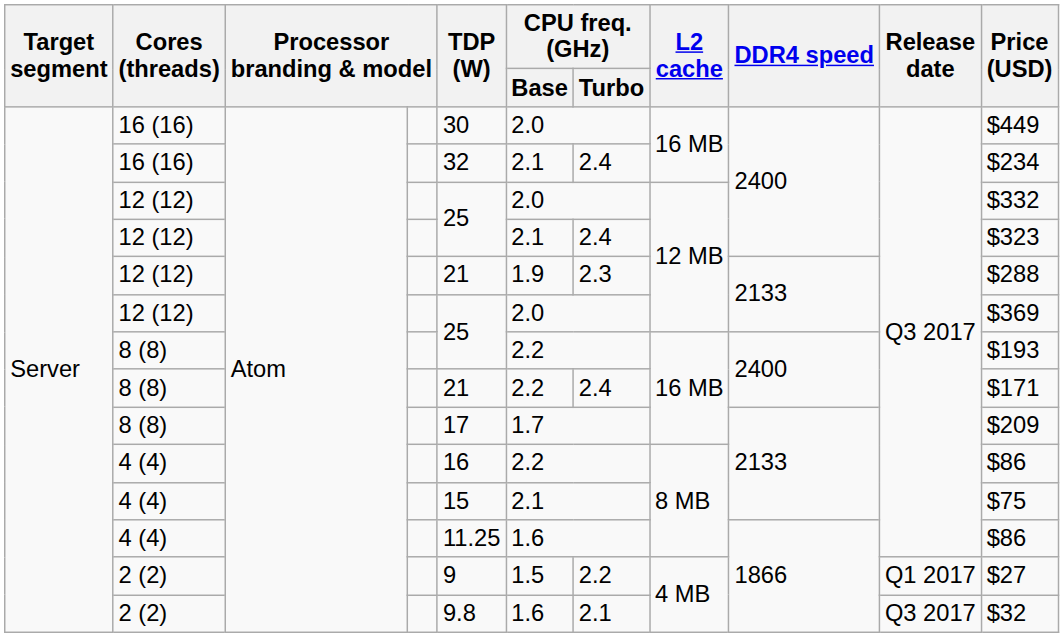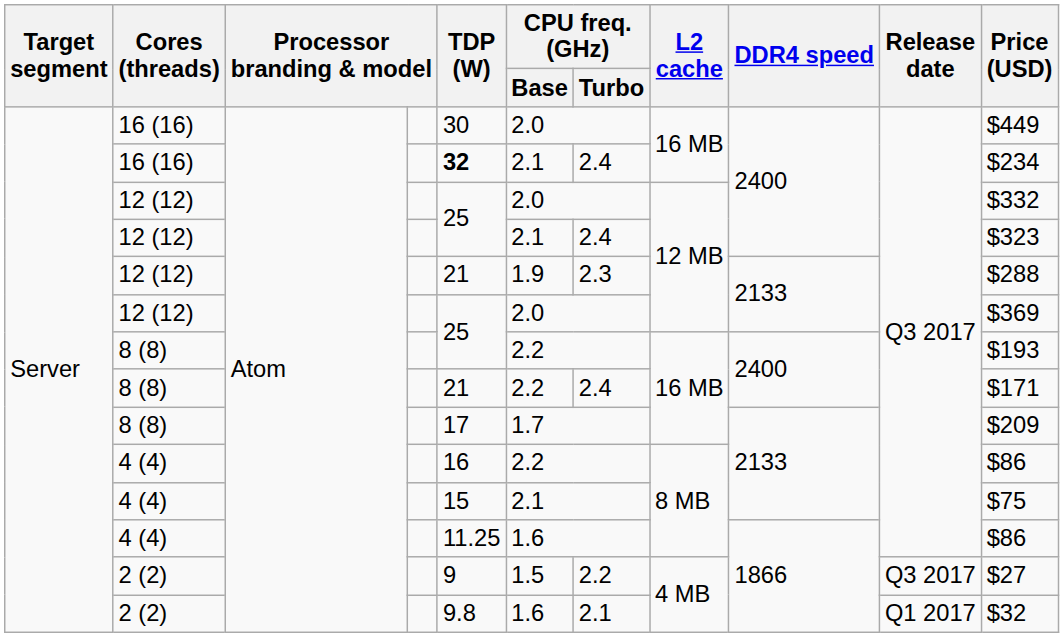 <table class="wikitable sortable">
 <tr>
 <th rowspan=2>Target<br>segment</th>
 <th rowspan=2>Cores<br>(threads)</th>
 <th colspan=2 rowspan="2">Processor<br>branding & model</th>
 <th rowspan=2>TDP<br>(W)</th>
 <th colspan=2>CPU freq.<br>(GHz)</th>
 <th rowspan=2><a href='#'>L2<br>cache</a></th>
 <th rowspan=2><a href='#'>DDR4 speed</a></th>
 <th rowspan=2>Release<br>date</th>
 <th rowspan=2>Price<br>(USD)</th>
 </tr>
 <tr>
 <th>Base</th>
 <th>Turbo</th>
 </tr>
 <tr>
 <td rowspan="15">Server</td>
 <td>16 (16)</td>
 <td rowspan="15">Atom</td>
 <td></td>
 <td>30</td>
 <td colspan="2">2.0</td>
 <td rowspan="2">16 MB</td>
 <td rowspan="4">2400</td>
 <td rowspan="12">Q3 2017</td>
 <td>$449</td>
 </tr>
 <tr>
 <td>16 (16)</td>
 <td></td>
-<td>32</td>
+<td><strong>32</strong></td>
 <td>2.1</td>
 <td>2.4</td>
 <td>$234</td>
 </tr>
 <tr>
 <td>12 (12)</td>
 <td></td>
 <td rowspan="2">25</td>
 <td colspan="2">2.0</td>
 <td rowspan="4">12 MB</td>
 <td>$332</td>
 </tr>
 <tr>
 <td>12 (12)</td>
 <td></td>
 <td>2.1</td>
 <td>2.4</td>
 <td>$323</td>
 </tr>
 <tr>
 <td>12 (12)</td>
 <td></td>
 <td>21</td>
 <td>1.9</td>
 <td>2.3</td>
 <td rowspan="2">2133</td>
 <td>$288</td>
 </tr>
 <tr>
 <td>12 (12)</td>
 <td></td>
 <td rowspan="2">25</td>
 <td colspan="2">2.0</td>
 <td>$369</td>
 </tr>
 <tr>
 <td>8 (8)</td>
 <td></td>
 <td colspan="2">2.2</td>
 <td rowspan="3">16 MB</td>
 <td rowspan="2">2400</td>
 <td>$193</td>
 </tr>
 <tr>
 <td>8 (8)</td>
 <td></td>
 <td>21</td>
 <td>2.2</td>
 <td>2.4</td>
 <td>$171</td>
 </tr>
 <tr>
 <td>8 (8)</td>
 <td></td>
 <td>17</td>
 <td colspan="2">1.7</td>
 <td rowspan="3">2133</td>
 <td>$209</td>
 </tr>
 <tr>
 <td>4 (4)</td>
 <td></td>
 <td>16</td>
 <td colspan="2">2.2</td>
 <td rowspan="3">8 MB</td>
 <td>$86</td>
 </tr>
 <tr>
 <td>4 (4)</td>
 <td></td>
 <td>15</td>
 <td colspan="2">2.1</td>
 <td>$75</td>
 </tr>
 <tr>
 <td>4 (4)</td>
 <td></td>
 <td>11.25</td>
 <td colspan="2">1.6</td>
 <td rowspan="3">1866</td>
 <td>$86</td>
 </tr>
 <tr>
 <td>2 (2)</td>
 <td></td>
 <td>9</td>
 <td>1.5</td>
 <td>2.2</td>
 <td rowspan="2">4 MB</td>
-<td>Q1 2017</td>
+<td>Q3 2017</td>
 <td>$27</td>
 </tr>
 <tr>
 <td>2 (2)</td>
 <td></td>
 <td>9.8</td>
 <td>1.6</td>
 <td>2.1</td>
-<td>Q3 2017</td>
+<td>Q1 2017</td>
 <td>$32</td>
 </tr>
 </table>
